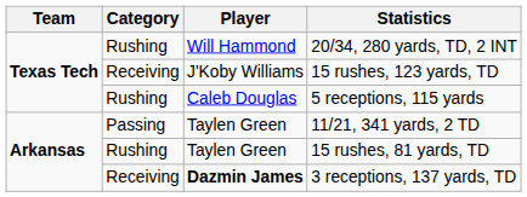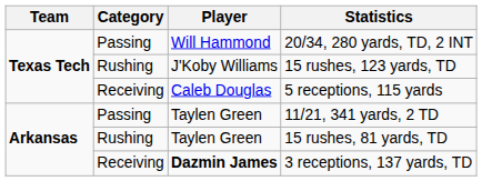 <table class="wikitable" style="float: right;">
 <tr>
 <th>Team</th>
 <th>Category</th>
 <th>Player</th>
 <th>Statistics</th>
 </tr>
 <tr>
 <td rowspan=3><strong>Texas Tech</strong></td>
-<td>Rushing</td>
+<td>Passing</td>
 <td><a href='#'>Will Hammond</a></td>
 <td>20/34, 280 yards, TD, 2 INT</td>
 </tr>
 <tr>
-<td>Receiving</td>
+<td>Rushing</td>
 <td>J'Koby Williams</td>
 <td>15 rushes, 123 yards, TD</td>
 </tr>
 <tr>
-<td>Rushing</td>
+<td>Receiving</td>
 <td><a href='#'>Caleb Douglas</a></td>
 <td>5 receptions, 115 yards</td>
 </tr>
 <tr>
 <td rowspan=3><strong>Arkansas</strong></td>
 <td>Passing</td>
 <td>Taylen Green</td>
 <td>11/21, 341 yards, 2 TD</td>
 </tr>
 <tr>
 <td>Rushing</td>
 <td>Taylen Green</td>
 <td>15 rushes, 81 yards, TD</td>
 </tr>
 <tr>
 <td>Receiving</td>
 <td><strong>Dazmin James</strong></td>
 <td>3 receptions, 137 yards, TD</td>
 </tr>
 </table>
